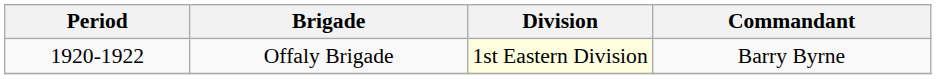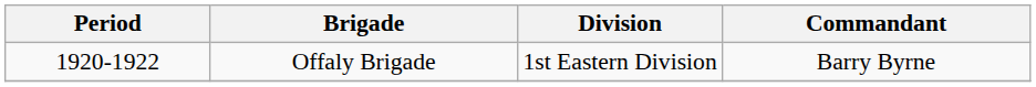 <table class="wikitable sortable" style="text-align:right">
 <tr>
 <th width=20%>Period</th>
 <th width=30%>Brigade</th>
 <th width=20%>Division</th>
 <th width=30%>Commandant</th>
 </tr>
 <tr>
 <td align="center">1920-1922</td>
 <td align="center">Offaly Brigade</td>
-<td align="center" style="background: lightyellow;">1st Eastern Division</td>
+<td align="center">1st Eastern Division</td>
 <td align="center">Barry Byrne</td>
 </tr>
 <tr>
 </tr>
 </table>
